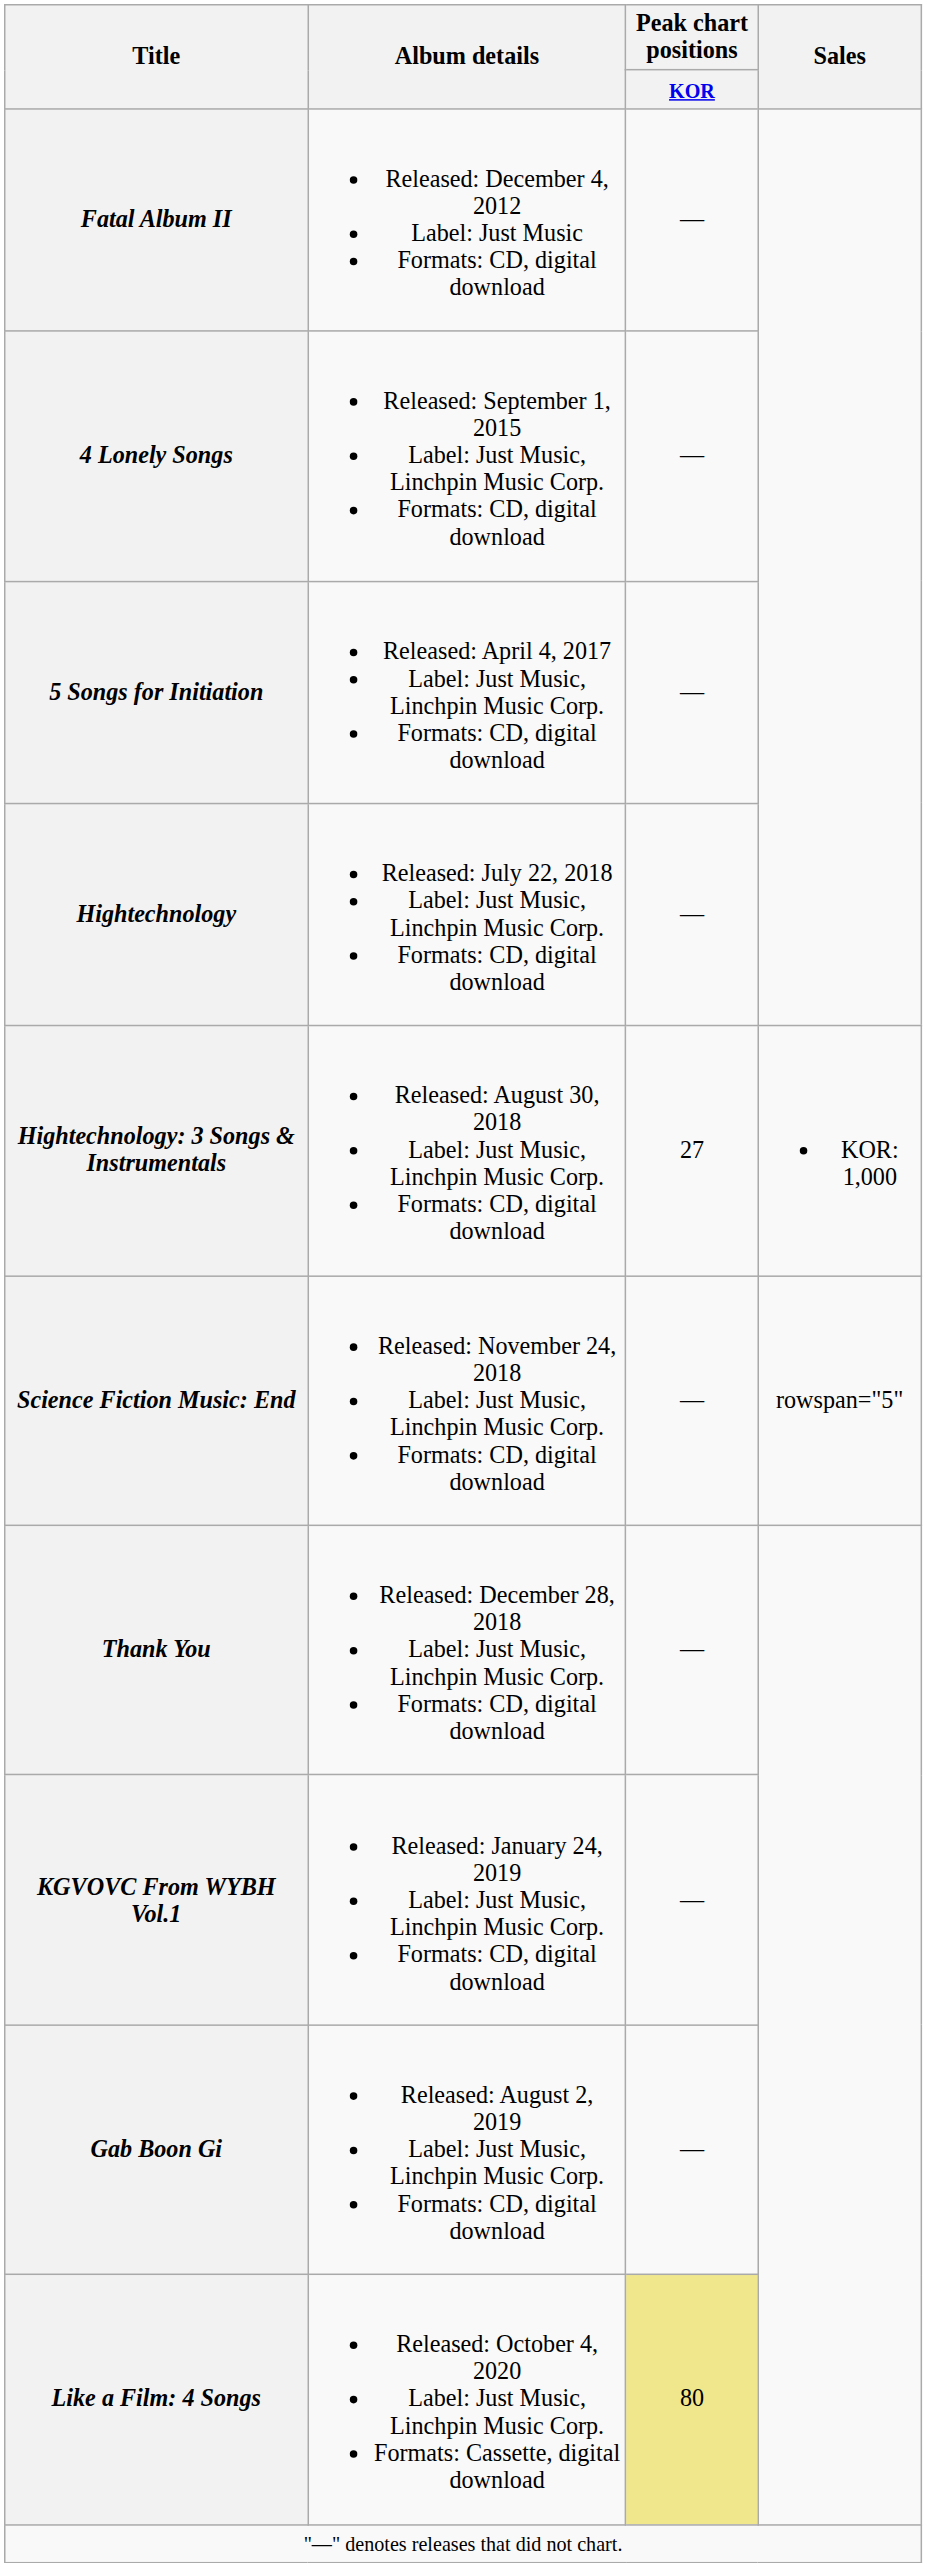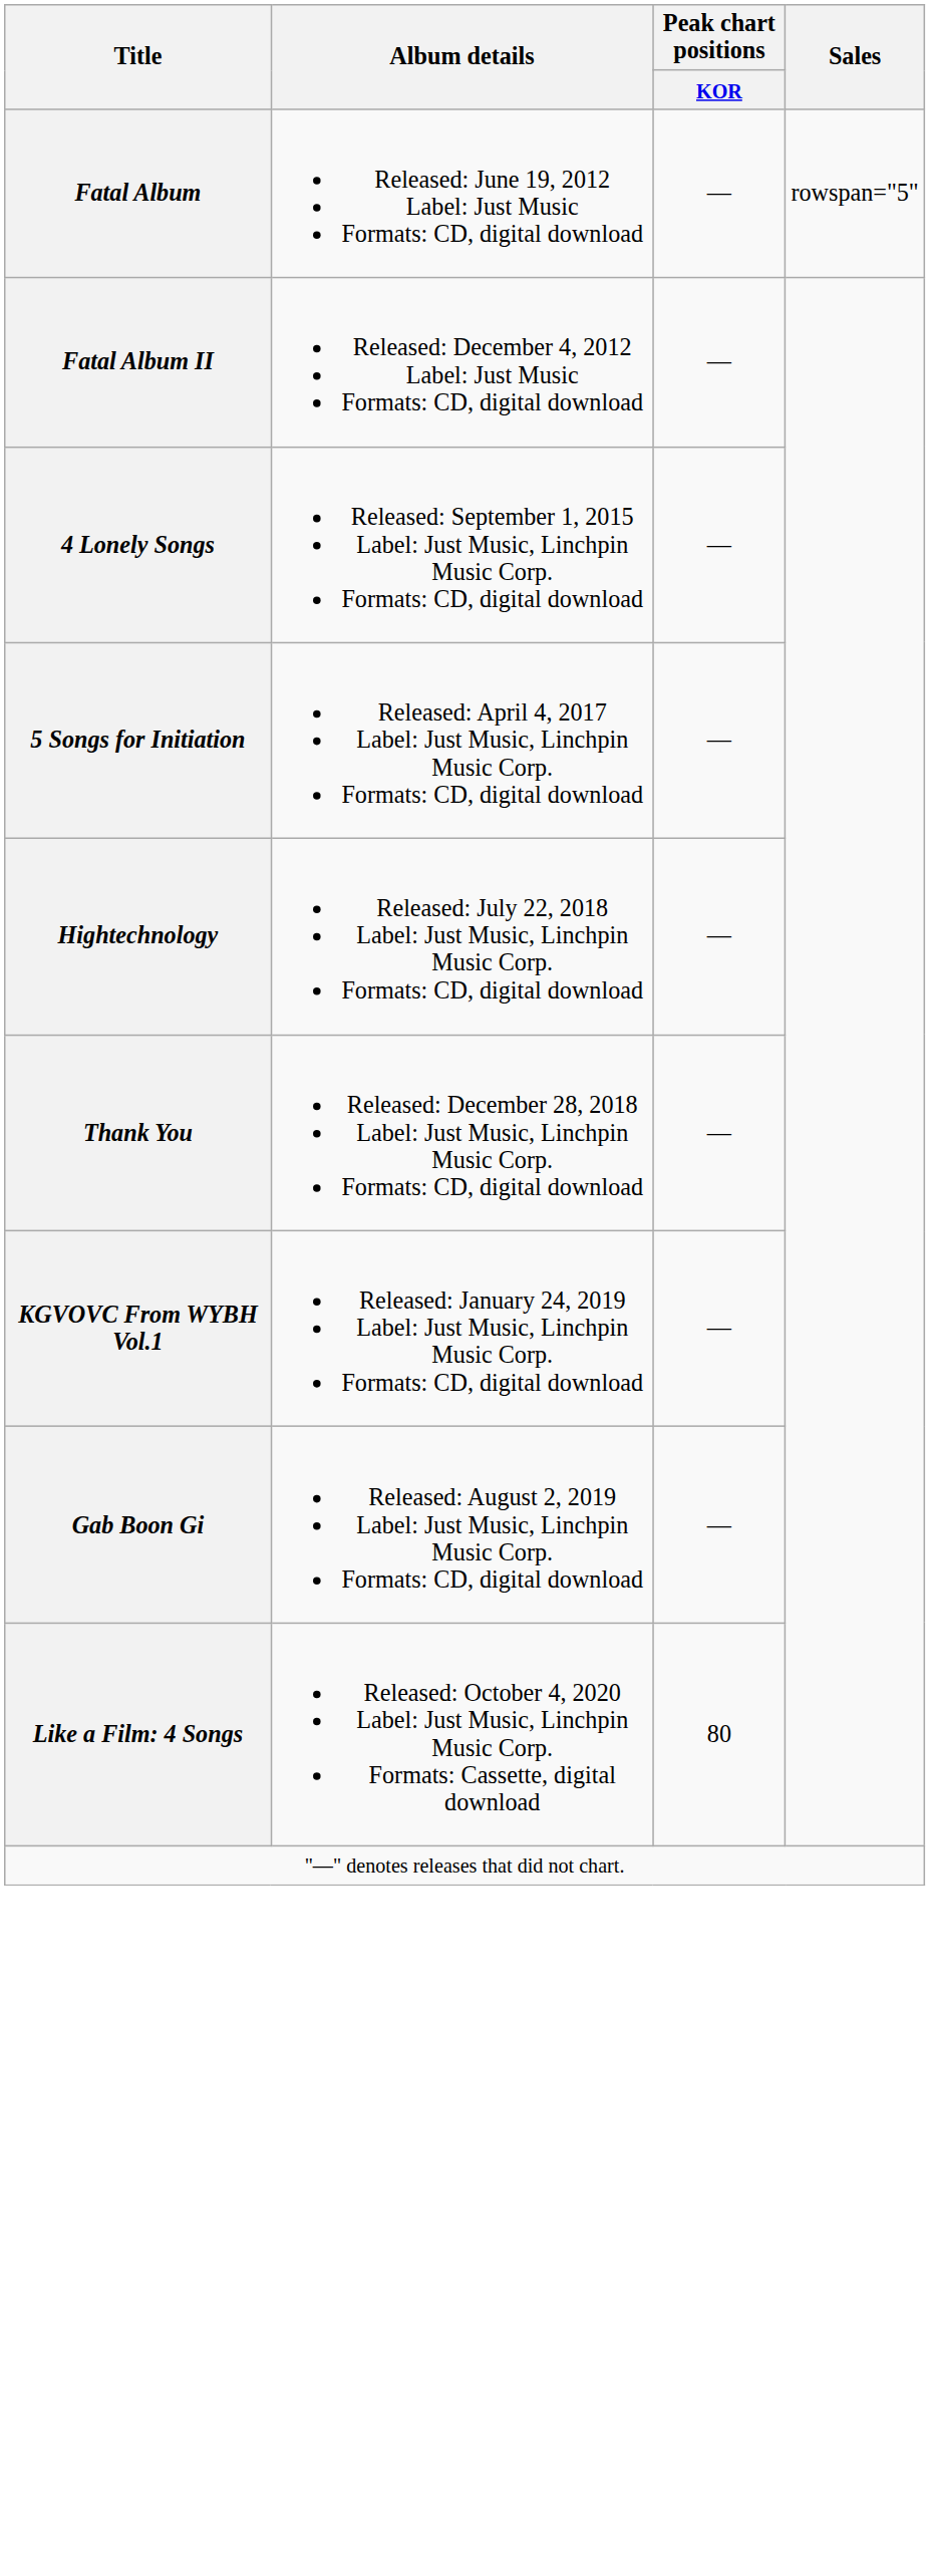 <table class="wikitable plainrowheaders" style="text-align:center;">
 <tr>
 <th scope="col" rowspan="2">Title</th>
 <th scope="col" rowspan="2">Album details</th>
 <th scope="col" colspan="1" style="width:5em;">Peak chart positions</th>
 <th scope="col" rowspan="2">Sales</th>
 </tr>
 <tr>
 <th><small><a href='#'>KOR</a></small><br></th>
+</tr>
+<tr>
+<th scope="row"><em>Fatal Album</em></th>
+<td><br><ul><li>Released: June 19, 2012</li><li>Label: Just Music</li><li>Formats: CD, digital download</li></ul></td>
+<td>—</td>
+<td>rowspan="5" </td>
 </tr>
 <tr>
 <th scope="row"><em>Fatal Album II</em></th>
 <td><br><ul><li>Released: December 4, 2012</li><li>Label: Just Music</li><li>Formats: CD, digital download</li></ul></td>
 <td>—</td>
 </tr>
 <tr>
 <th scope="row"><em>4 Lonely Songs</em></th>
 <td><br><ul><li>Released: September 1, 2015</li><li>Label: Just Music, Linchpin Music Corp.</li><li>Formats: CD, digital download</li></ul></td>
 <td>—</td>
 </tr>
 <tr>
 <th scope="row"><em>5 Songs for Initiation</em></th>
 <td><br><ul><li>Released: April 4, 2017</li><li>Label: Just Music, Linchpin Music Corp.</li><li>Formats: CD, digital download</li></ul></td>
 <td>—</td>
 </tr>
 <tr>
 <th scope="row"><em>Hightechnology</em></th>
 <td><br><ul><li>Released: July 22, 2018</li><li>Label: Just Music, Linchpin Music Corp.</li><li>Formats: CD, digital download</li></ul></td>
 <td>—</td>
 </tr>
 <tr>
-<th scope="row"><em>Hightechnology: 3 Songs & Instrumentals</em></th>
-<td><br><ul><li>Released: August 30, 2018</li><li>Label: Just Music, Linchpin Music Corp.</li><li>Formats: CD, digital download</li></ul></td>
-<td>27</td>
-<td><br><ul><li>KOR: 1,000</li></ul></td>
-</tr>
-<tr>
-<th scope="row"><em>Science Fiction Music: End</em></th>
-<td><br><ul><li>Released: November 24, 2018</li><li>Label: Just Music, Linchpin Music Corp.</li><li>Formats: CD, digital download</li></ul></td>
-<td>—</td>
-<td>rowspan="5" </td>
-</tr>
-<tr>
 <th scope="row"><em>Thank You</em></th>
 <td><br><ul><li>Released: December 28, 2018</li><li>Label: Just Music, Linchpin Music Corp.</li><li>Formats: CD, digital download</li></ul></td>
 <td>—</td>
 </tr>
 <tr>
 <th scope="row"><em>KGVOVC From WYBH Vol.1</em></th>
 <td><br><ul><li>Released: January 24, 2019</li><li>Label: Just Music, Linchpin Music Corp.</li><li>Formats: CD, digital download</li></ul></td>
 <td>—</td>
 </tr>
 <tr>
 <th scope="row"><em>Gab Boon Gi</em></th>
 <td><br><ul><li>Released: August 2, 2019</li><li>Label: Just Music, Linchpin Music Corp.</li><li>Formats: CD, digital download</li></ul></td>
 <td>—</td>
 </tr>
 <tr>
 <th scope="row"><em>Like a Film: 4 Songs</em></th>
 <td><br><ul><li>Released: October 4, 2020</li><li>Label: Just Music, Linchpin Music Corp.</li><li>Formats: Cassette, digital download</li></ul></td>
-<td style="background: khaki;">80</td>
+<td>80</td>
 </tr>
 <tr>
 <td colspan="4" align="center"><small>"—" denotes releases that did not chart.</small></td>
 </tr>
 </table>
